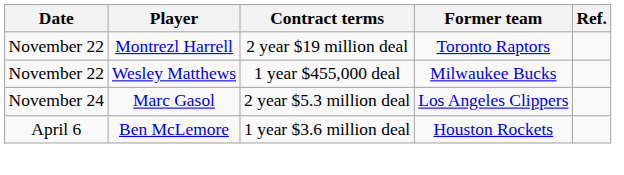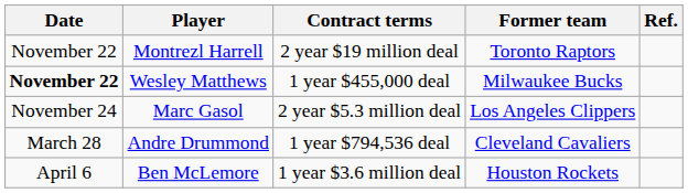 <table class="wikitable sortable sortable" style="text-align: center">
 <tr>
 <th>Date</th>
 <th>Player</th>
 <th>Contract terms</th>
 <th>Former team</th>
 <th>Ref.</th>
 </tr>
 <tr>
 <td>November 22</td>
 <td><a href='#'>Montrezl Harrell</a></td>
 <td>2 year $19 million deal</td>
 <td><a href='#'>Toronto Raptors</a></td>
 <td></td>
 </tr>
 <tr>
-<td>November 22</td>
+<td><strong>November 22</strong></td>
 <td><a href='#'>Wesley Matthews</a></td>
 <td>1 year $455,000 deal</td>
 <td><a href='#'>Milwaukee Bucks</a></td>
 <td></td>
 </tr>
 <tr>
 <td>November 24</td>
 <td><a href='#'>Marc Gasol</a></td>
 <td>2 year $5.3 million deal</td>
 <td><a href='#'>Los Angeles Clippers</a></td>
 <td></td>
 </tr>
 <tr>
+<td>March 28</td>
+<td><a href='#'>Andre Drummond</a></td>
+<td>1 year $794,536 deal</td>
+<td><a href='#'>Cleveland Cavaliers</a></td>
+<td></td>
+</tr>
+<tr>
 <td>April 6</td>
 <td><a href='#'>Ben McLemore</a></td>
 <td>1 year $3.6 million deal</td>
 <td><a href='#'>Houston Rockets</a></td>
 <td></td>
 </tr>
 </table>
